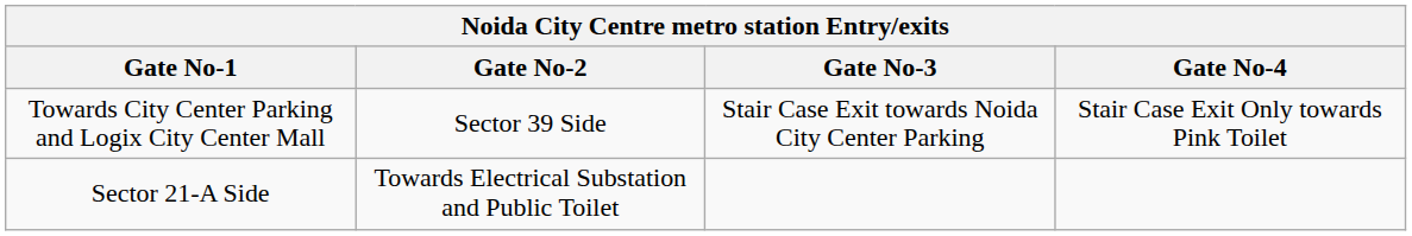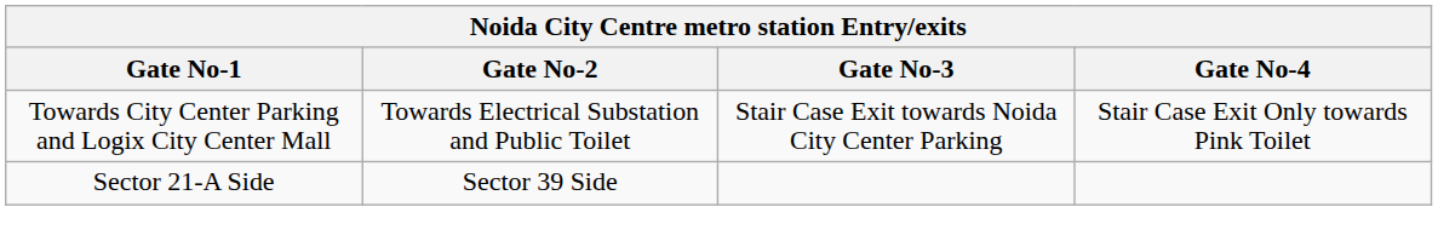 <table class="wikitable" style="text-align: center;" width="68%">
 <tr>
 <th align="center" colspan="5" style="background:#"><span>Noida City Centre metro station Entry/exits</span></th>
 </tr>
 <tr>
 <th style="width:15%;">Gate No-1</th>
 <th style="width:15%;">Gate No-2</th>
 <th style="width:15%;">Gate No-3</th>
 <th style="width:15%;">Gate No-4</th>
 </tr>
 <tr>
 <td>Towards City Center Parking and Logix City Center Mall</td>
-<td>Sector 39 Side</td>
+<td>Towards Electrical Substation and Public Toilet</td>
 <td>Stair Case Exit towards Noida City Center Parking</td>
 <td>Stair Case Exit Only towards Pink Toilet</td>
 </tr>
 <tr>
 <td>Sector 21-A Side</td>
-<td>Towards Electrical Substation and Public Toilet</td>
+<td>Sector 39 Side</td>
 <td></td>
 <td></td>
 </tr>
 </table>
